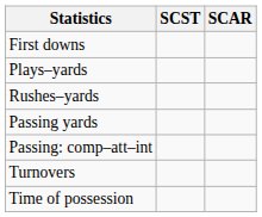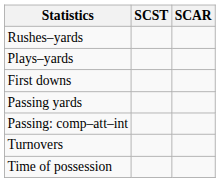 <table class="wikitable" style="float:left">
 <tr>
 <th>Statistics</th>
 <th>SCST</th>
 <th>SCAR</th>
 </tr>
 <tr>
-<td>First downs</td>
+<td>Rushes–yards</td>
 <td></td>
 <td></td>
 </tr>
 <tr>
 <td>Plays–yards</td>
 <td></td>
 <td></td>
 </tr>
 <tr>
-<td>Rushes–yards</td>
+<td>First downs</td>
 <td></td>
 <td></td>
 </tr>
 <tr>
 <td>Passing yards</td>
 <td></td>
 <td></td>
 </tr>
 <tr>
 <td>Passing: comp–att–int</td>
 <td></td>
 <td></td>
 </tr>
 <tr>
 <td>Turnovers</td>
 <td></td>
 <td></td>
 </tr>
 <tr>
 <td>Time of possession</td>
 <td></td>
 <td></td>
 </tr>
 </table>
